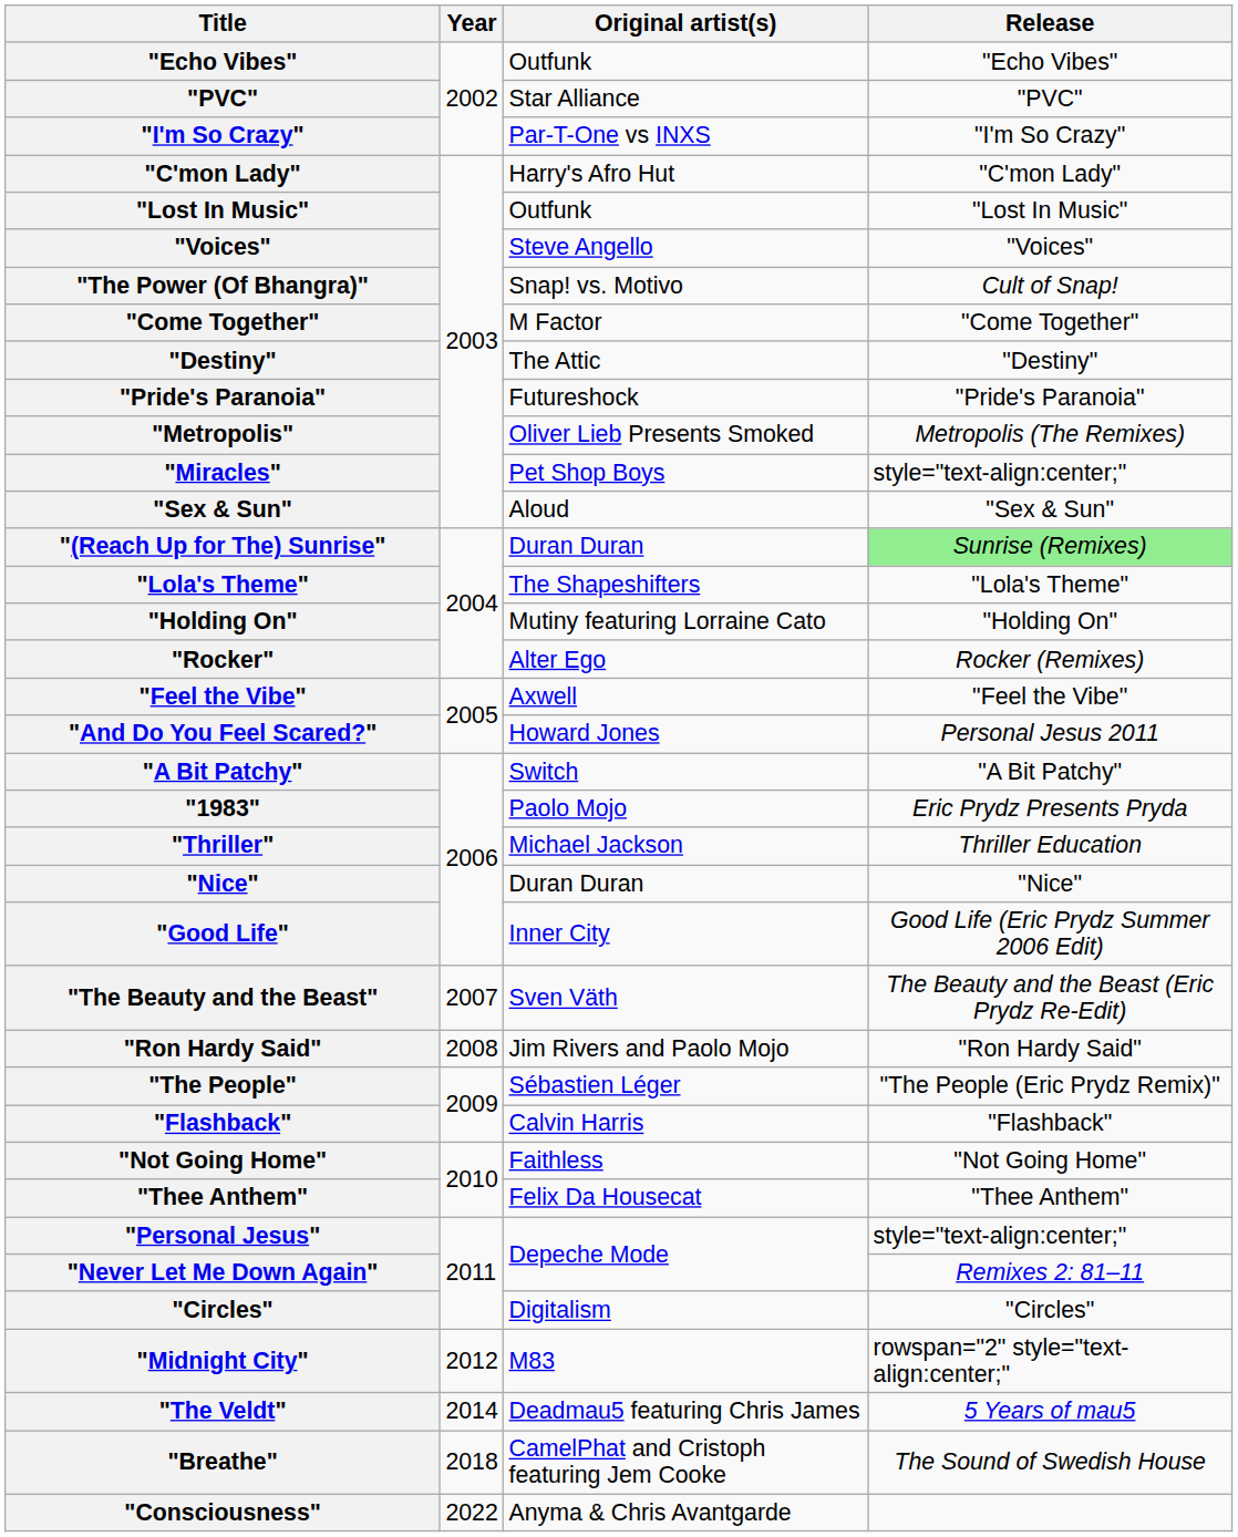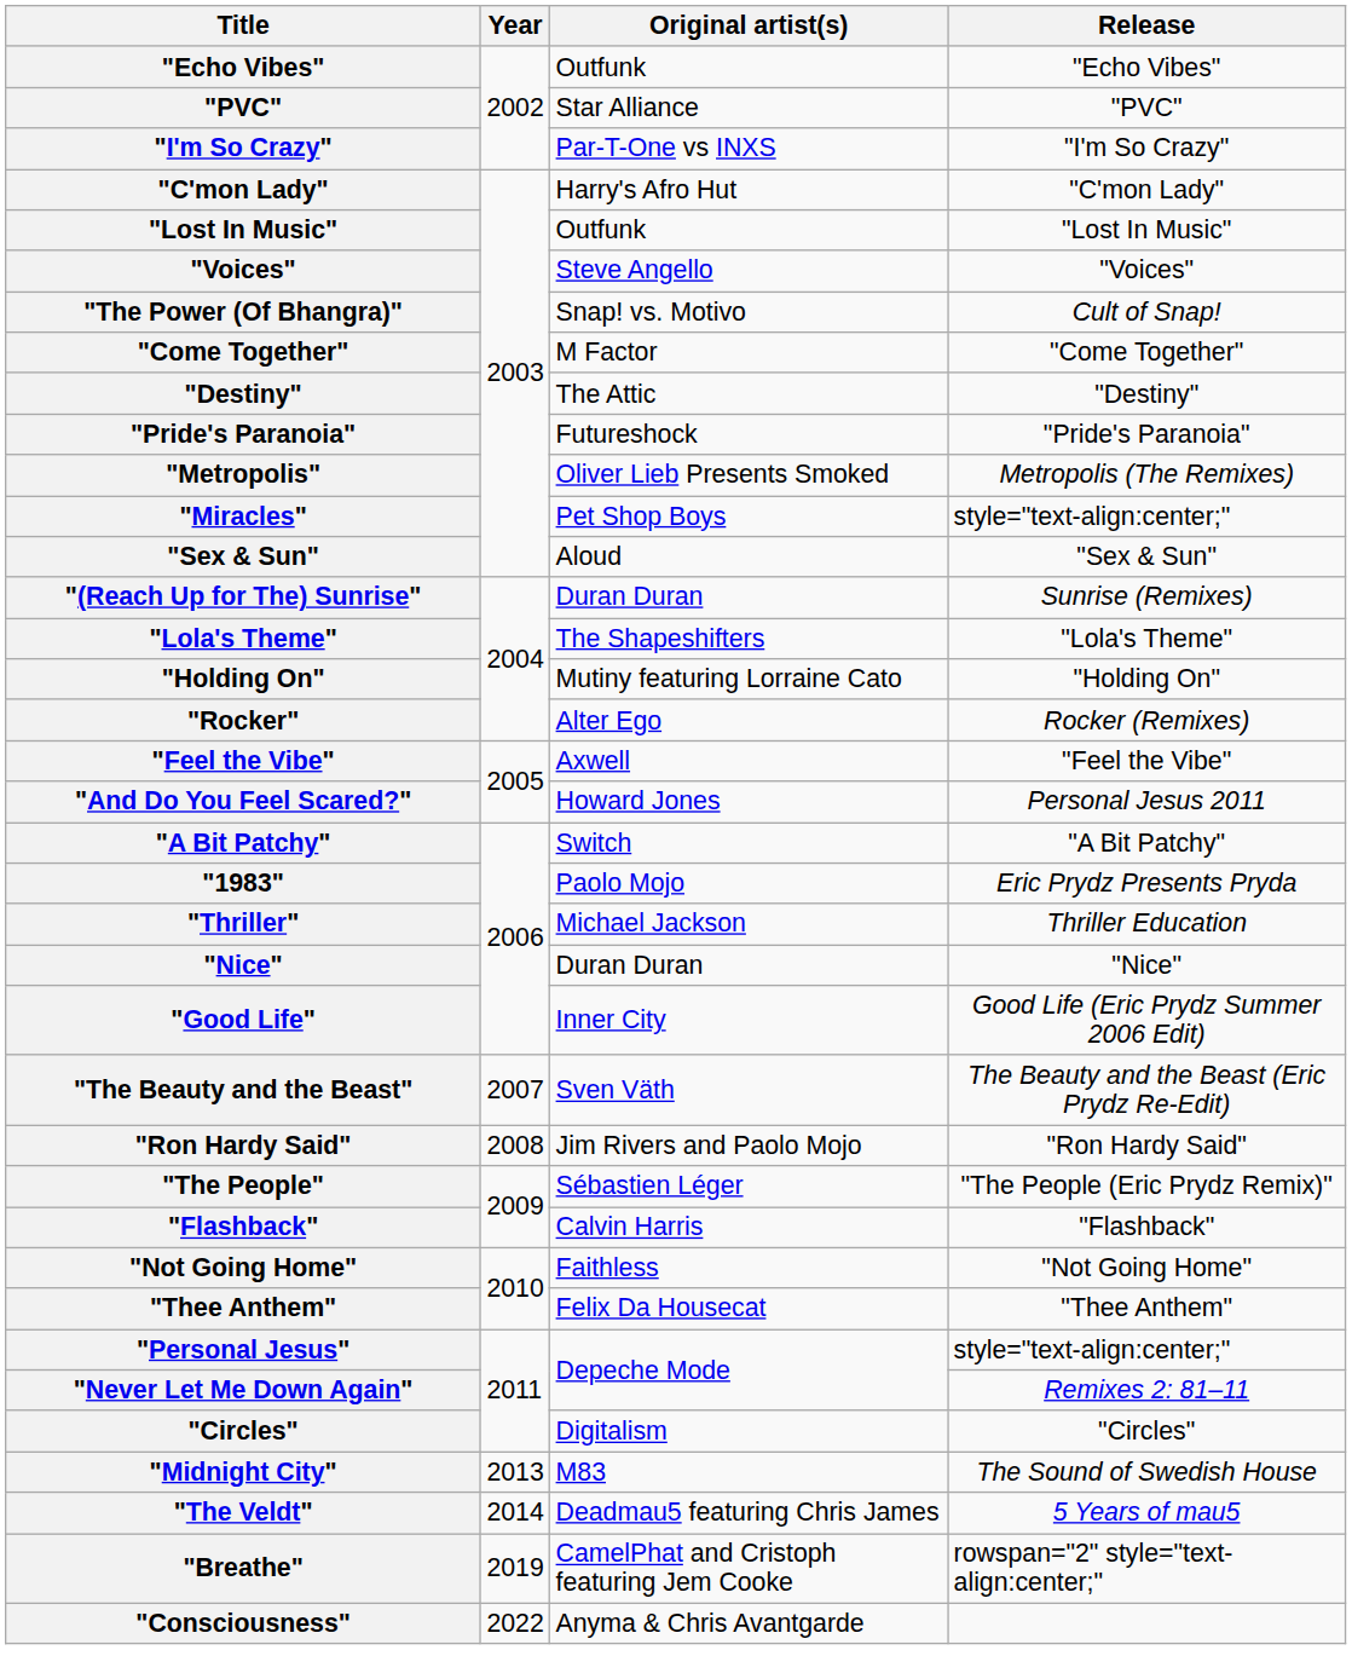 <table class="wikitable plainrowheaders">
 <tr>
 <th style="width:18em;">Title</th>
 <th style="width:1em;">Year</th>
 <th style="width:15em;">Original artist(s)</th>
 <th style="width:15em;">Release</th>
 </tr>
 <tr>
 <th scope="row">"Echo Vibes"</th>
 <td rowspan="3">2002</td>
 <td>Outfunk</td>
 <td style="text-align:center;">"Echo Vibes"</td>
 </tr>
 <tr>
 <th scope="row">"PVC"</th>
 <td>Star Alliance</td>
 <td style="text-align:center;">"PVC"</td>
 </tr>
 <tr>
 <th scope="row">"<a href='#'>I'm So Crazy</a>"</th>
 <td><a href='#'>Par-T-One</a> vs <a href='#'>INXS</a></td>
 <td style="text-align:center;">"I'm So Crazy"</td>
 </tr>
 <tr>
 <th scope="row">"C'mon Lady"</th>
 <td rowspan="10">2003</td>
 <td>Harry's Afro Hut</td>
 <td style="text-align:center;">"C'mon Lady"</td>
 </tr>
 <tr>
 <th scope="row">"Lost In Music"</th>
 <td>Outfunk</td>
 <td style="text-align:center;">"Lost In Music"</td>
 </tr>
 <tr>
 <th scope="row">"Voices"</th>
 <td><a href='#'>Steve Angello</a></td>
 <td style="text-align:center;">"Voices"</td>
 </tr>
 <tr>
 <th scope="row">"The Power (Of Bhangra)"</th>
 <td>Snap! vs. Motivo</td>
 <td style="text-align:center;"><em>Cult of Snap!</em></td>
 </tr>
 <tr>
 <th scope="row">"Come Together"</th>
 <td>M Factor</td>
 <td style="text-align:center;">"Come Together"</td>
 </tr>
 <tr>
 <th scope="row">"Destiny"</th>
 <td>The Attic</td>
 <td style="text-align:center;">"Destiny"</td>
 </tr>
 <tr>
 <th scope="row">"Pride's Paranoia"</th>
 <td>Futureshock</td>
 <td style="text-align:center;">"Pride's Paranoia"</td>
 </tr>
 <tr>
 <th scope="row">"Metropolis"</th>
 <td><a href='#'>Oliver Lieb</a> Presents Smoked</td>
 <td style="text-align:center;"><em>Metropolis (The Remixes)</em></td>
 </tr>
 <tr>
 <th scope="row">"<a href='#'>Miracles</a>"</th>
 <td><a href='#'>Pet Shop Boys</a></td>
 <td>style="text-align:center;" </td>
 </tr>
 <tr>
 <th scope="row">"Sex & Sun"</th>
 <td>Aloud</td>
 <td style="text-align:center;">"Sex & Sun"</td>
 </tr>
 <tr>
 <th scope="row">"<a href='#'>(Reach Up for The) Sunrise</a>"</th>
 <td rowspan="4">2004</td>
 <td><a href='#'>Duran Duran</a></td>
-<td style="background: lightgreen; text-align:center;"><em>Sunrise (Remixes)</em></td>
+<td style="text-align:center;"><em>Sunrise (Remixes)</em></td>
 </tr>
 <tr>
 <th scope="row">"<a href='#'>Lola's Theme</a>"</th>
 <td><a href='#'>The Shapeshifters</a></td>
 <td style="text-align:center;">"Lola's Theme"</td>
 </tr>
 <tr>
 <th scope="row">"Holding On"</th>
 <td>Mutiny featuring Lorraine Cato</td>
 <td style="text-align:center;">"Holding On"</td>
 </tr>
 <tr>
 <th scope="row">"Rocker"</th>
 <td><a href='#'>Alter Ego</a></td>
 <td style="text-align:center;"><em>Rocker (Remixes)</em></td>
 </tr>
 <tr>
 <th scope="row">"<a href='#'>Feel the Vibe</a>"</th>
 <td rowspan="2">2005</td>
 <td><a href='#'>Axwell</a></td>
 <td style="text-align:center;">"Feel the Vibe"</td>
 </tr>
 <tr>
 <th scope="row">"<a href='#'>And Do You Feel Scared?</a>"</th>
 <td><a href='#'>Howard Jones</a></td>
 <td style="text-align:center;"><em>Personal Jesus 2011</em></td>
 </tr>
 <tr>
 <th scope="row">"<a href='#'>A Bit Patchy</a>"</th>
 <td rowspan="5">2006</td>
 <td><a href='#'>Switch</a></td>
 <td style="text-align:center;">"A Bit Patchy"</td>
 </tr>
 <tr>
 <th scope="row">"1983"</th>
 <td><a href='#'>Paolo Mojo</a></td>
 <td style="text-align:center;"><em>Eric Prydz Presents Pryda</em></td>
 </tr>
 <tr>
 <th scope="row">"<a href='#'>Thriller</a>"</th>
 <td><a href='#'>Michael Jackson</a></td>
 <td style="text-align:center;"><em>Thriller Education</em></td>
 </tr>
 <tr>
 <th scope="row">"<a href='#'>Nice</a>"</th>
 <td>Duran Duran</td>
 <td style="text-align:center;">"Nice"</td>
 </tr>
 <tr>
 <th scope="row">"<a href='#'>Good Life</a>"</th>
 <td><a href='#'>Inner City</a></td>
 <td style="text-align:center;"><em>Good Life (Eric Prydz Summer 2006 Edit)</em></td>
 </tr>
 <tr>
 <th scope="row">"The Beauty and the Beast"</th>
 <td>2007</td>
 <td><a href='#'>Sven Väth</a></td>
 <td style="text-align:center;"><em>The Beauty and the Beast (Eric Prydz Re-Edit)</em></td>
 </tr>
 <tr>
 <th scope="row">"Ron Hardy Said"</th>
 <td>2008</td>
 <td>Jim Rivers and Paolo Mojo</td>
 <td style="text-align:center;">"Ron Hardy Said"</td>
 </tr>
 <tr>
 <th scope="row">"The People"</th>
 <td rowspan="2">2009</td>
 <td><a href='#'>Sébastien Léger</a></td>
 <td style="text-align:center;">"The People (Eric Prydz Remix)"</td>
 </tr>
 <tr>
 <th scope="row">"<a href='#'>Flashback</a>"</th>
 <td><a href='#'>Calvin Harris</a></td>
 <td style="text-align:center;">"Flashback"</td>
 </tr>
 <tr>
 <th scope="row">"Not Going Home"</th>
 <td rowspan="2">2010</td>
 <td><a href='#'>Faithless</a></td>
 <td style="text-align:center;">"Not Going Home"</td>
 </tr>
 <tr>
 <th scope="row">"Thee Anthem"</th>
 <td><a href='#'>Felix Da Housecat</a></td>
 <td style="text-align:center;">"Thee Anthem"</td>
 </tr>
 <tr>
 <th scope="row">"<a href='#'>Personal Jesus</a>"</th>
 <td rowspan="3">2011</td>
 <td rowspan="2"><a href='#'>Depeche Mode</a></td>
 <td>style="text-align:center;" </td>
 </tr>
 <tr>
 <th scope="row">"<a href='#'>Never Let Me Down Again</a>"</th>
 <td style="text-align:center;"><em><a href='#'>Remixes 2: 81–11</a></em></td>
 </tr>
 <tr>
 <th scope="row">"Circles"</th>
 <td><a href='#'>Digitalism</a></td>
 <td style="text-align:center;">"Circles"</td>
 </tr>
 <tr>
 <th scope="row">"<a href='#'>Midnight City</a>"</th>
-<td>2012</td>
+<td>2013</td>
 <td><a href='#'>M83</a></td>
-<td>rowspan="2" style="text-align:center;" </td>
+<td style="text-align:center;"><em>The Sound of Swedish House</em></td>
 </tr>
 <tr>
 <th scope="row">"<a href='#'>The Veldt</a>"</th>
 <td>2014</td>
 <td><a href='#'>Deadmau5</a> featuring Chris James</td>
 <td style="text-align:center;"><em><a href='#'>5 Years of mau5</a></em></td>
 </tr>
 <tr>
 <th scope="row">"Breathe"</th>
-<td>2018</td>
+<td>2019</td>
 <td><a href='#'>CamelPhat</a> and Cristoph featuring Jem Cooke</td>
-<td style="text-align:center;"><em>The Sound of Swedish House</em></td>
+<td>rowspan="2" style="text-align:center;" </td>
 </tr>
 <tr>
 <th scope="row">"Consciousness"</th>
 <td>2022</td>
 <td>Anyma & Chris Avantgarde</td>
 </tr>
 </table>
